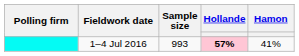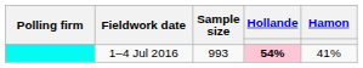 <table class="wikitable sortable" style="text-align:center;font-size:90%;line-height:14px;">
 <tr style="height:40px;">
 <th style="width:100px;" rowspan="2">Polling firm</th>
 <th style="width:110px;" rowspan="2">Fieldwork date</th>
 <th style="width:55px;" rowspan="2">Sample<br>size</th>
 <th class="unsortable" style="width:60px;"><a href='#'>Hollande</a><br></th>
 <th class="unsortable" style="width:60px;"><a href='#'>Hamon</a><br></th>
 </tr>
 <tr>
 <th style="background:"></th>
 <th style="background:"></th>
 </tr>
 <tr>
 <td style="background:#04FBF4;"></td>
 <td data-sort-value="2016-07-04">1–4 Jul 2016</td>
 <td>993</td>
-<td style="background:#FFC6D5;"><strong>57%</strong></td>
+<td style="background:#FFC6D5;"><strong>54%</strong></td>
 <td>41%</td>
 </tr>
 </table>
